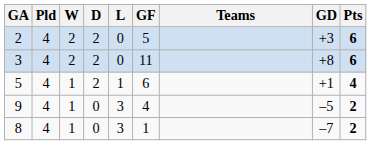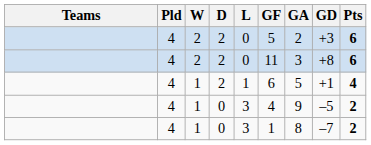 <table class="wikitable" style="text-align: center;">
 <tr>
-<th width=20>GA</th>
+<th width=165>Teams</th>
 <th width=20>Pld</th>
 <th width=20>W</th>
 <th width=20>D</th>
 <th width=20>L</th>
 <th width=20>GF</th>
-<th width=165>Teams</th>
+<th width=20>GA</th>
 <th width=20>GD</th>
 <th width=20>Pts</th>
 </tr>
 <tr align=center style="background:#CEE0F2;">
-<td>2</td>
+<td style="text-align:left;"></td>
 <td>4</td>
 <td>2</td>
 <td>2</td>
 <td>0</td>
 <td>5</td>
-<td style="text-align:left;"></td>
+<td>2</td>
 <td>+3</td>
 <td><strong>6</strong></td>
 </tr>
 <tr align=center style="background:#CEE0F2;">
-<td>3</td>
+<td style="text-align:left;"></td>
 <td>4</td>
 <td>2</td>
 <td>2</td>
 <td>0</td>
 <td>11</td>
-<td style="text-align:left;"></td>
+<td>3</td>
 <td>+8</td>
 <td><strong>6</strong></td>
 </tr>
 <tr align=center>
-<td>5</td>
+<td style="text-align:left;"></td>
 <td>4</td>
 <td>1</td>
 <td>2</td>
 <td>1</td>
 <td>6</td>
-<td style="text-align:left;"></td>
+<td>5</td>
 <td>+1</td>
 <td><strong>4</strong></td>
 </tr>
 <tr align=center>
-<td>9</td>
+<td style="text-align:left;"></td>
 <td>4</td>
 <td>1</td>
 <td>0</td>
 <td>3</td>
 <td>4</td>
-<td style="text-align:left;"></td>
+<td>9</td>
 <td>–5</td>
 <td><strong>2</strong></td>
 </tr>
 <tr align=center>
-<td>8</td>
+<td style="text-align:left;"></td>
 <td>4</td>
 <td>1</td>
 <td>0</td>
 <td>3</td>
 <td>1</td>
-<td style="text-align:left;"></td>
+<td>8</td>
 <td>–7</td>
 <td><strong>2</strong></td>
 </tr>
 </table>
